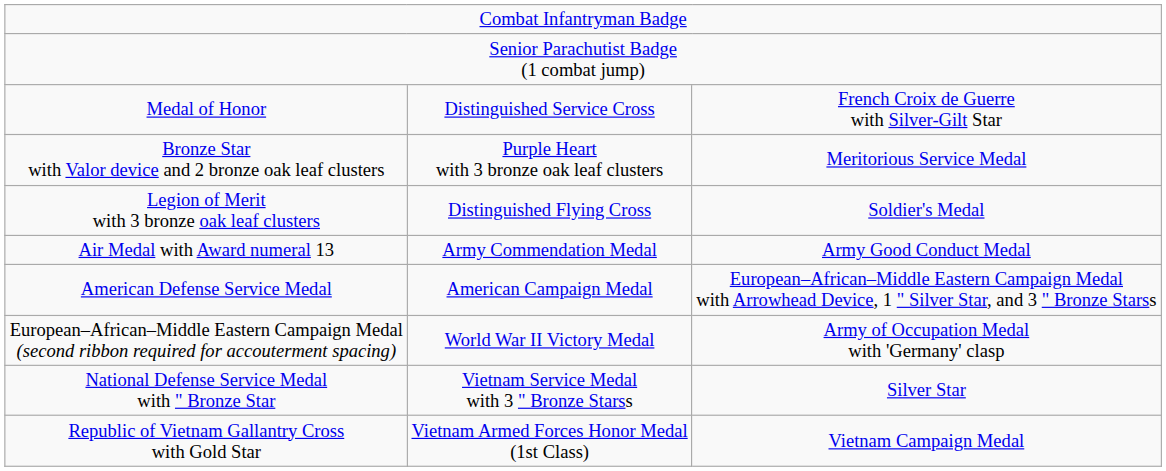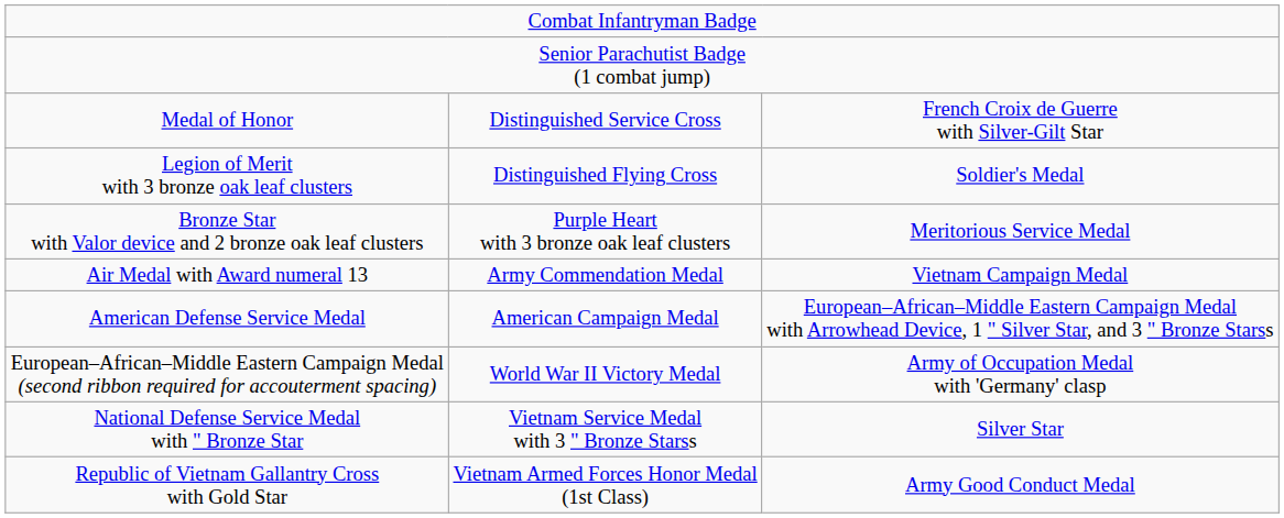 <table class="wikitable" style="margin:1em auto; text-align:center;">
 <tr>
 <td colspan="3"><a href='#'>Combat Infantryman Badge</a></td>
 </tr>
 <tr>
 <td colspan="3"><a href='#'>Senior Parachutist Badge</a><br>(1 combat jump)</td>
 </tr>
 <tr>
 <td><a href='#'>Medal of Honor</a></td>
 <td><a href='#'>Distinguished Service Cross</a></td>
 <td><a href='#'>French Croix de Guerre</a><br>with <a href='#'>Silver-Gilt</a> Star</td>
 </tr>
 <tr>
+<td><a href='#'>Legion of Merit</a><br>with 3 bronze <a href='#'>oak leaf clusters</a></td>
+<td><a href='#'>Distinguished Flying Cross</a></td>
+<td><a href='#'>Soldier's Medal</a></td>
+</tr>
+<tr>
 <td><a href='#'>Bronze Star</a><br>with <a href='#'>Valor device</a> and 2 bronze oak leaf clusters</td>
 <td><a href='#'>Purple Heart</a><br>with 3 bronze oak leaf clusters</td>
 <td><a href='#'>Meritorious Service Medal</a></td>
 </tr>
 <tr>
-<td><a href='#'>Legion of Merit</a><br>with 3 bronze <a href='#'>oak leaf clusters</a></td>
-<td><a href='#'>Distinguished Flying Cross</a></td>
-<td><a href='#'>Soldier's Medal</a></td>
-</tr>
-<tr>
 <td><a href='#'>Air Medal</a> with <a href='#'>Award numeral</a> 13</td>
 <td><a href='#'>Army Commendation Medal</a></td>
-<td><a href='#'>Army Good Conduct Medal</a></td>
+<td><a href='#'>Vietnam Campaign Medal</a></td>
 </tr>
 <tr>
 <td><a href='#'>American Defense Service Medal</a></td>
 <td><a href='#'>American Campaign Medal</a></td>
 <td><a href='#'>European–African–Middle Eastern Campaign Medal</a><br>with <a href='#'>Arrowhead Device</a>, 1 <a href='#'> " Silver Star</a>, and 3 <a href='#'>" Bronze Stars</a>s</td>
 </tr>
 <tr>
 <td>European–African–Middle Eastern Campaign Medal<br><em>(second ribbon required for accouterment spacing)</em></td>
 <td><a href='#'>World War II Victory Medal</a></td>
 <td><a href='#'>Army of Occupation Medal</a><br>with 'Germany' clasp</td>
 </tr>
 <tr>
 <td><a href='#'>National Defense Service Medal</a><br>with <a href='#'>" Bronze Star</a></td>
 <td><a href='#'>Vietnam Service Medal</a><br>with 3 <a href='#'>" Bronze Stars</a>s</td>
 <td><a href='#'>Silver Star</a></td>
 </tr>
 <tr>
 <td><a href='#'>Republic of Vietnam Gallantry Cross</a><br>with Gold Star</td>
 <td><a href='#'>Vietnam Armed Forces Honor Medal</a><br>(1st Class)</td>
-<td><a href='#'>Vietnam Campaign Medal</a></td>
+<td><a href='#'>Army Good Conduct Medal</a></td>
 </tr>
 </table>
